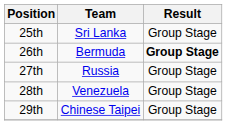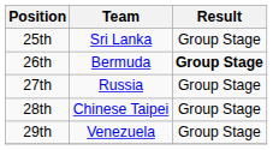 <table class="wikitable" style="text-align: center;">
 <tr>
 <th>Position</th>
 <th>Team</th>
 <th>Result</th>
 </tr>
 <tr>
 <td>25th</td>
 <td> <a href='#'>Sri Lanka</a></td>
 <td>Group Stage</td>
 </tr>
 <tr>
 <td>26th</td>
 <td> <a href='#'>Bermuda</a></td>
 <td><strong>Group Stage</strong></td>
 </tr>
 <tr>
 <td>27th</td>
 <td> <a href='#'>Russia</a></td>
 <td>Group Stage</td>
 </tr>
 <tr>
 <td>28th</td>
-<td> <a href='#'>Venezuela</a></td>
+<td> <a href='#'>Chinese Taipei</a></td>
 <td>Group Stage</td>
 </tr>
 <tr>
 <td>29th</td>
-<td> <a href='#'>Chinese Taipei</a></td>
+<td> <a href='#'>Venezuela</a></td>
 <td>Group Stage</td>
 </tr>
 <tr>
 </tr>
 </table>
